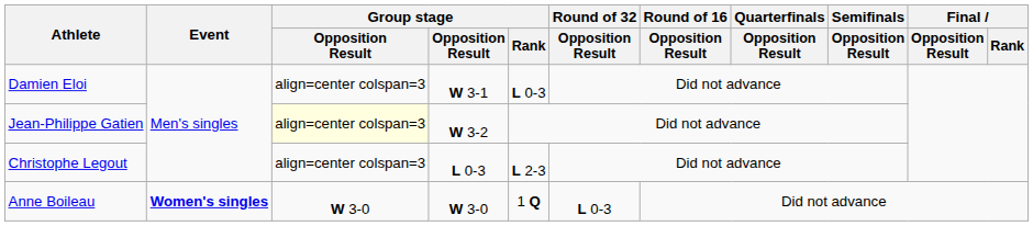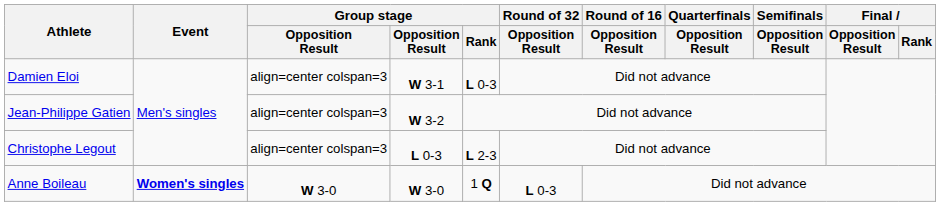 <table class="wikitable" style="font-size:90%">
 <tr>
 <th rowspan="2">Athlete</th>
 <th rowspan="2">Event</th>
 <th colspan=3>Group stage</th>
 <th>Round of 32</th>
 <th>Round of 16</th>
 <th>Quarterfinals</th>
 <th>Semifinals</th>
 <th colspan=2>Final / </th>
 </tr>
 <tr style="font-size:95%">
 <th>Opposition<br>Result</th>
 <th>Opposition<br>Result</th>
 <th>Rank</th>
 <th>Opposition<br>Result</th>
 <th>Opposition<br>Result</th>
 <th>Opposition<br>Result</th>
 <th>Opposition<br>Result</th>
 <th>Opposition<br>Result</th>
 <th>Rank</th>
 </tr>
 <tr>
 <td align=left><a href='#'>Damien Eloi</a></td>
 <td align=left rowspan=3><a href='#'>Men's singles</a></td>
 <td>align=center colspan=3 </td>
 <td align=center><br><strong>W</strong> 3-1</td>
 <td align=center><br><strong>L</strong> 0-3</td>
 <td align=center colspan=4>Did not advance</td>
 </tr>
 <tr>
 <td align=left><a href='#'>Jean-Philippe Gatien</a></td>
-<td style="background: lightyellow;">align=center colspan=3 </td>
+<td>align=center colspan=3 </td>
 <td align=center><br><strong>W</strong> 3-2</td>
 <td align=center colspan=5>Did not advance</td>
 </tr>
 <tr>
 <td align=left><a href='#'>Christophe Legout</a></td>
 <td>align=center colspan=3 </td>
 <td align=center><br><strong>L</strong> 0-3</td>
 <td align=center><br><strong>L</strong> 2-3</td>
 <td align=center colspan=4>Did not advance</td>
 </tr>
 <tr>
 <td align=left><a href='#'>Anne Boileau</a></td>
 <td align=left><strong><a href='#'>Women's singles</a></strong></td>
 <td align=center><br><strong>W</strong> 3-0</td>
 <td align=center><br><strong>W</strong> 3-0</td>
 <td align=center>1 <strong>Q</strong></td>
 <td align=center><br><strong>L</strong> 0-3</td>
 <td align=center colspan=5>Did not advance</td>
 </tr>
 </table>
